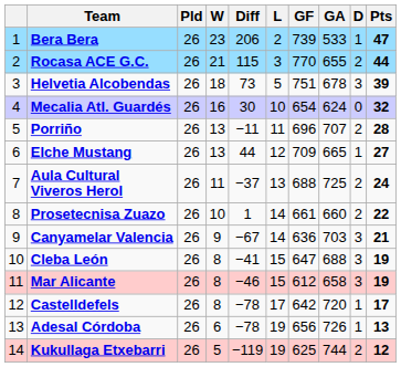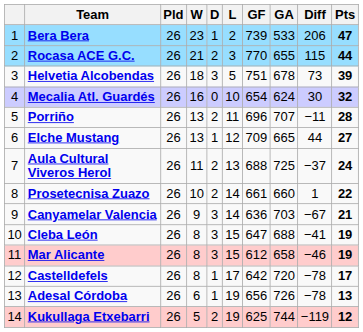 <table class="wikitable sortable" style="text-align:center">
 <tr>
 <th></th>
 <th width="160">Team</th>
 <th>Pld</th>
 <th>W</th>
-<th>Diff</th>
+<th>D</th>
 <th>L</th>
 <th>GF</th>
 <th>GA</th>
-<th>D</th>
+<th>Diff</th>
 <th>Pts</th>
 </tr>
 <tr style="background: #97DEFF;">
 <td>1</td>
 <td align="left"><strong><a href='#'>Bera Bera</a></strong></td>
 <td>26</td>
 <td>23</td>
-<td>206</td>
+<td>1</td>
 <td>2</td>
 <td>739</td>
 <td>533</td>
-<td>1</td>
+<td>206</td>
 <td><strong>47</strong></td>
 </tr>
 <tr style="background: #97DEFF;">
 <td>2</td>
 <td align="left"><strong><a href='#'>Rocasa ACE G.C.</a></strong></td>
 <td>26</td>
 <td>21</td>
-<td>115</td>
+<td>2</td>
 <td>3</td>
 <td>770</td>
 <td>655</td>
-<td>2</td>
+<td>115</td>
 <td><strong>44</strong></td>
 </tr>
 <tr>
 <td>3</td>
 <td align="left"><strong><a href='#'>Helvetia Alcobendas</a></strong></td>
 <td>26</td>
 <td>18</td>
-<td>73</td>
+<td>3</td>
 <td>5</td>
 <td>751</td>
 <td>678</td>
-<td>3</td>
+<td>73</td>
 <td><strong>39</strong></td>
 </tr>
 <tr style="background: #ccccff;">
 <td>4</td>
 <td align="left"><strong><a href='#'>Mecalia Atl. Guardés</a></strong></td>
 <td>26</td>
 <td>16</td>
-<td>30</td>
+<td>0</td>
 <td>10</td>
 <td>654</td>
 <td>624</td>
-<td>0</td>
+<td>30</td>
 <td><strong>32</strong></td>
 </tr>
 <tr>
 <td>5</td>
 <td align="left"><strong><a href='#'>Porriño</a></strong></td>
 <td>26</td>
 <td>13</td>
-<td>−11</td>
+<td>2</td>
 <td>11</td>
 <td>696</td>
 <td>707</td>
-<td>2</td>
+<td>−11</td>
 <td><strong>28</strong></td>
 </tr>
 <tr>
 <td>6</td>
 <td align="left"><strong><a href='#'>Elche Mustang</a></strong></td>
 <td>26</td>
 <td>13</td>
-<td>44</td>
+<td>1</td>
 <td>12</td>
 <td>709</td>
 <td>665</td>
-<td>1</td>
+<td>44</td>
 <td><strong>27</strong></td>
 </tr>
 <tr>
 <td>7</td>
 <td align="left"><strong><a href='#'>Aula Cultural Viveros Herol</a></strong></td>
 <td>26</td>
 <td>11</td>
-<td>−37</td>
+<td>2</td>
 <td>13</td>
 <td>688</td>
 <td>725</td>
-<td>2</td>
+<td>−37</td>
 <td><strong>24</strong></td>
 </tr>
 <tr>
 <td>8</td>
 <td align="left"><strong><a href='#'>Prosetecnisa Zuazo</a></strong></td>
 <td>26</td>
 <td>10</td>
-<td>1</td>
+<td>2</td>
 <td>14</td>
 <td>661</td>
 <td>660</td>
-<td>2</td>
+<td>1</td>
 <td><strong>22</strong></td>
 </tr>
 <tr>
 <td>9</td>
 <td align="left"><strong><a href='#'>Canyamelar Valencia</a></strong></td>
 <td>26</td>
 <td>9</td>
-<td>−67</td>
+<td>3</td>
 <td>14</td>
 <td>636</td>
 <td>703</td>
-<td>3</td>
+<td>−67</td>
 <td><strong>21</strong></td>
 </tr>
 <tr>
 <td>10</td>
 <td align="left"><strong><a href='#'>Cleba León</a></strong></td>
 <td>26</td>
 <td>8</td>
-<td>−41</td>
+<td>3</td>
 <td>15</td>
 <td>647</td>
 <td>688</td>
-<td>3</td>
+<td>−41</td>
 <td><strong>19</strong></td>
 </tr>
 <tr style="background: #FFCCCC;">
 <td>11</td>
 <td align="left"><strong><a href='#'>Mar Alicante</a></strong></td>
 <td>26</td>
 <td>8</td>
-<td>−46</td>
+<td>3</td>
 <td>15</td>
 <td>612</td>
 <td>658</td>
-<td>3</td>
+<td>−46</td>
 <td><strong>19</strong></td>
 </tr>
 <tr>
 <td>12</td>
 <td align="left"><strong><a href='#'>Castelldefels</a></strong></td>
 <td>26</td>
 <td>8</td>
-<td>−78</td>
+<td>1</td>
 <td>17</td>
 <td>642</td>
 <td>720</td>
-<td>1</td>
+<td>−78</td>
 <td><strong>17</strong></td>
 </tr>
 <tr style="background:">
 <td>13</td>
 <td align="left"><strong><a href='#'>Adesal Córdoba</a></strong></td>
 <td>26</td>
 <td>6</td>
-<td>−78</td>
+<td>1</td>
 <td>19</td>
 <td>656</td>
 <td>726</td>
-<td>1</td>
+<td>−78</td>
 <td><strong>13</strong></td>
 </tr>
 <tr style="background: #FFCCCC;">
 <td>14</td>
 <td align="left"><strong><a href='#'>Kukullaga Etxebarri</a></strong></td>
 <td>26</td>
 <td>5</td>
-<td>−119</td>
+<td>2</td>
 <td>19</td>
 <td>625</td>
 <td>744</td>
-<td>2</td>
+<td>−119</td>
 <td><strong>12</strong></td>
 </tr>
 </table>
